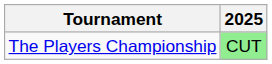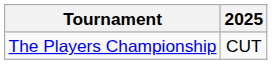 <table class="wikitable" style="font-size:95%;text-align:center;">
 <tr>
 <th>Tournament</th>
 <th>2025</th>
 </tr>
 <tr>
 <td align=left><a href='#'>The Players Championship</a></td>
-<td style="background: lightgreen;">CUT</td>
+<td>CUT</td>
 </tr>
 </table>
